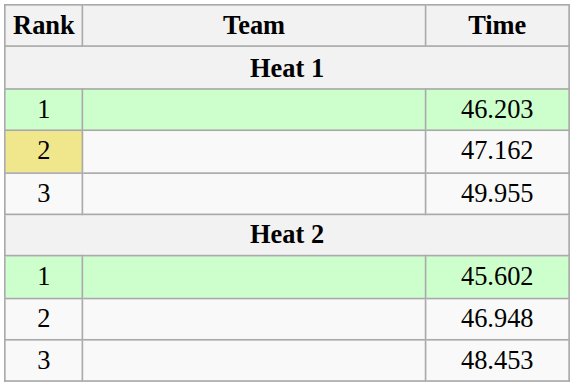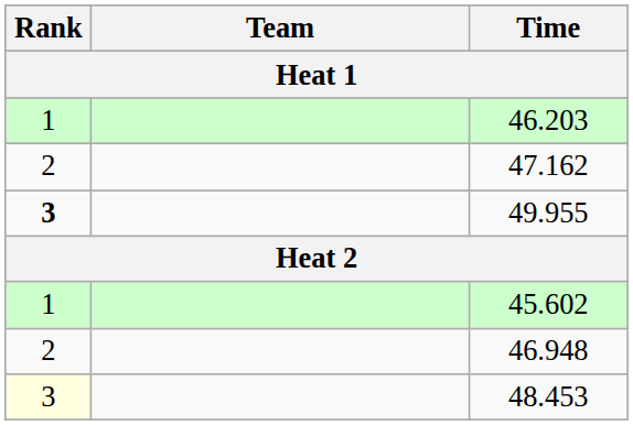 <table class=wikitable style="text-align:center">
 <tr>
 <th width=40>Rank</th>
 <th width=200>Team</th>
 <th width=80>Time</th>
 </tr>
 <tr>
 <th colspan=3>Heat 1</th>
 </tr>
 <tr bgcolor="#ccffcc">
 <td>1</td>
 <td align=left></td>
 <td>46.203</td>
 </tr>
 <tr>
-<td style="background: khaki;">2</td>
+<td>2</td>
 <td align=left></td>
 <td>47.162</td>
 </tr>
 <tr>
-<td>3</td>
+<td><strong>3</strong></td>
 <td align=left></td>
 <td>49.955</td>
 </tr>
 <tr>
 <th colspan=3>Heat 2</th>
 </tr>
 <tr bgcolor="#ccffcc">
 <td>1</td>
 <td align=left></td>
 <td>45.602</td>
 </tr>
 <tr>
 <td>2</td>
 <td align=left></td>
 <td>46.948</td>
 </tr>
 <tr>
-<td>3</td>
+<td style="background: lightyellow;">3</td>
 <td align=left></td>
 <td>48.453</td>
 </tr>
 </table>
